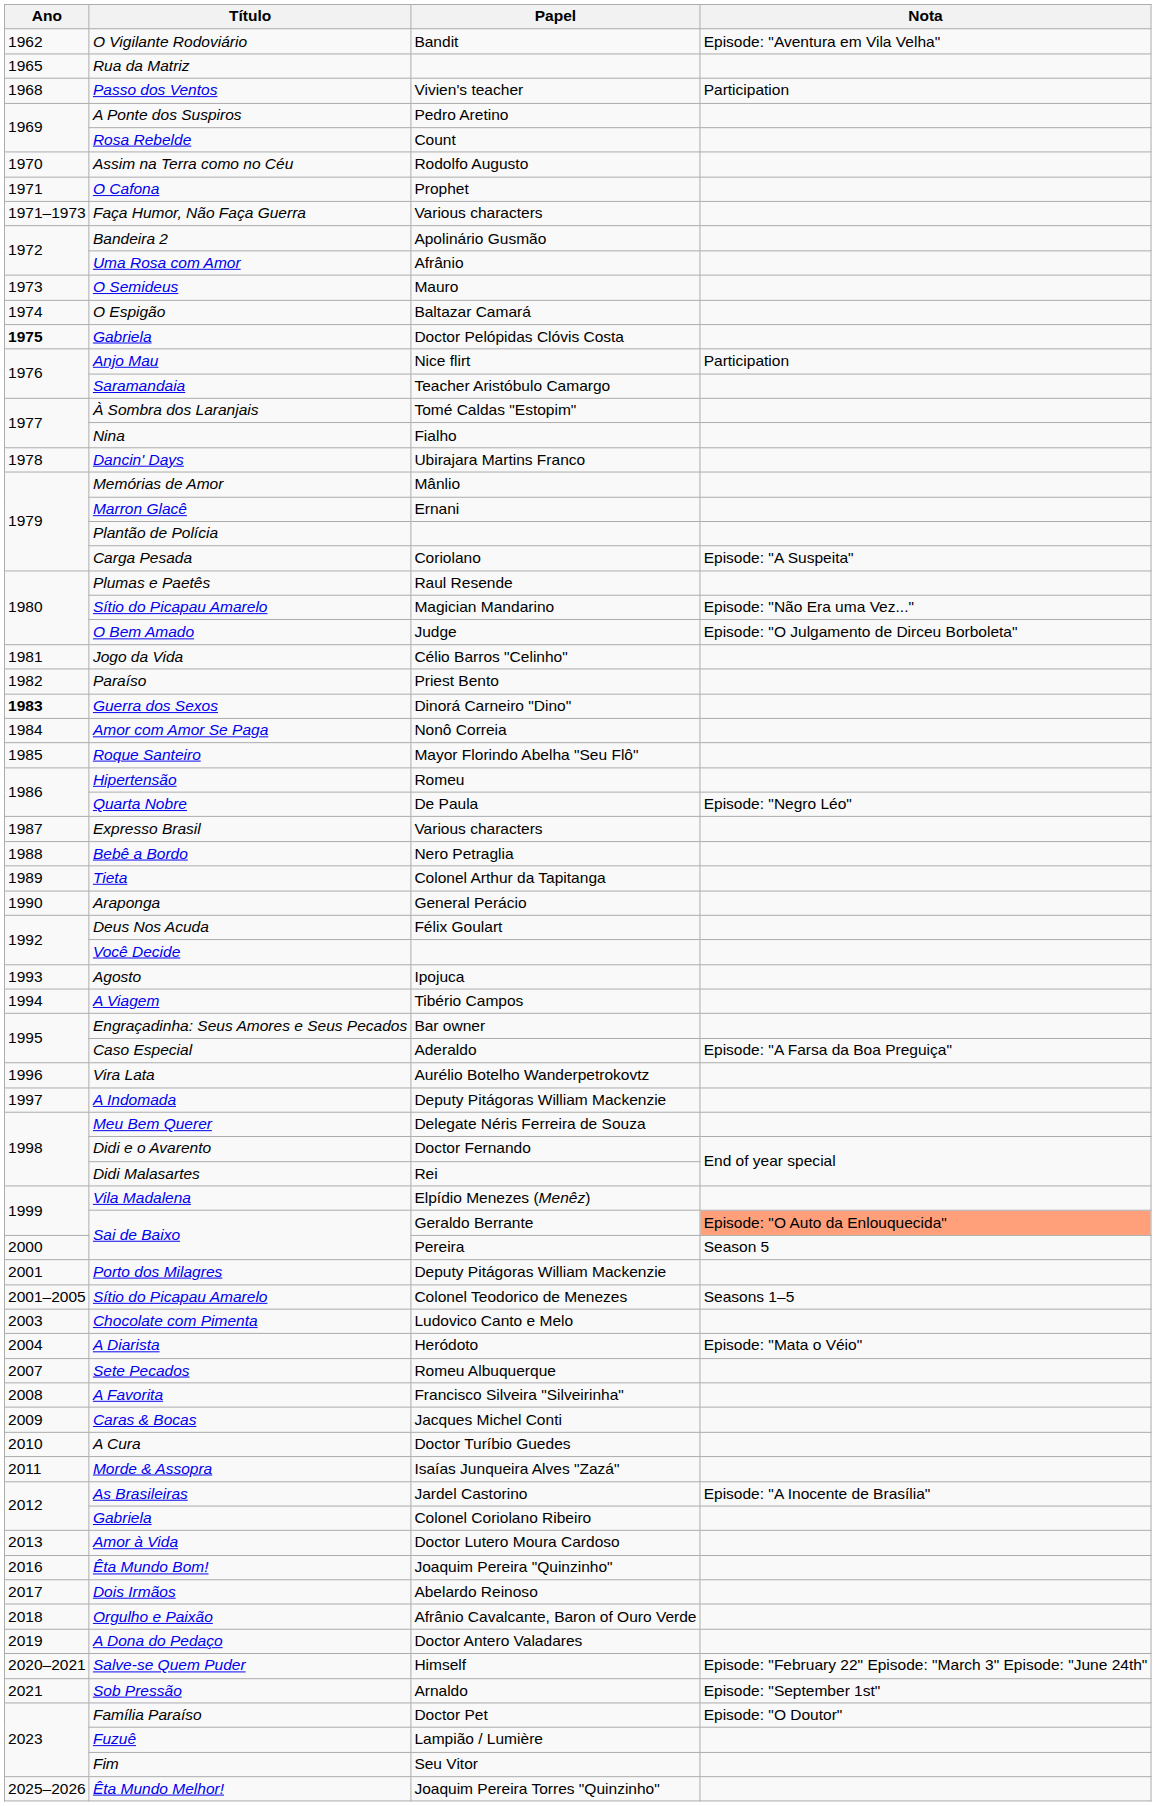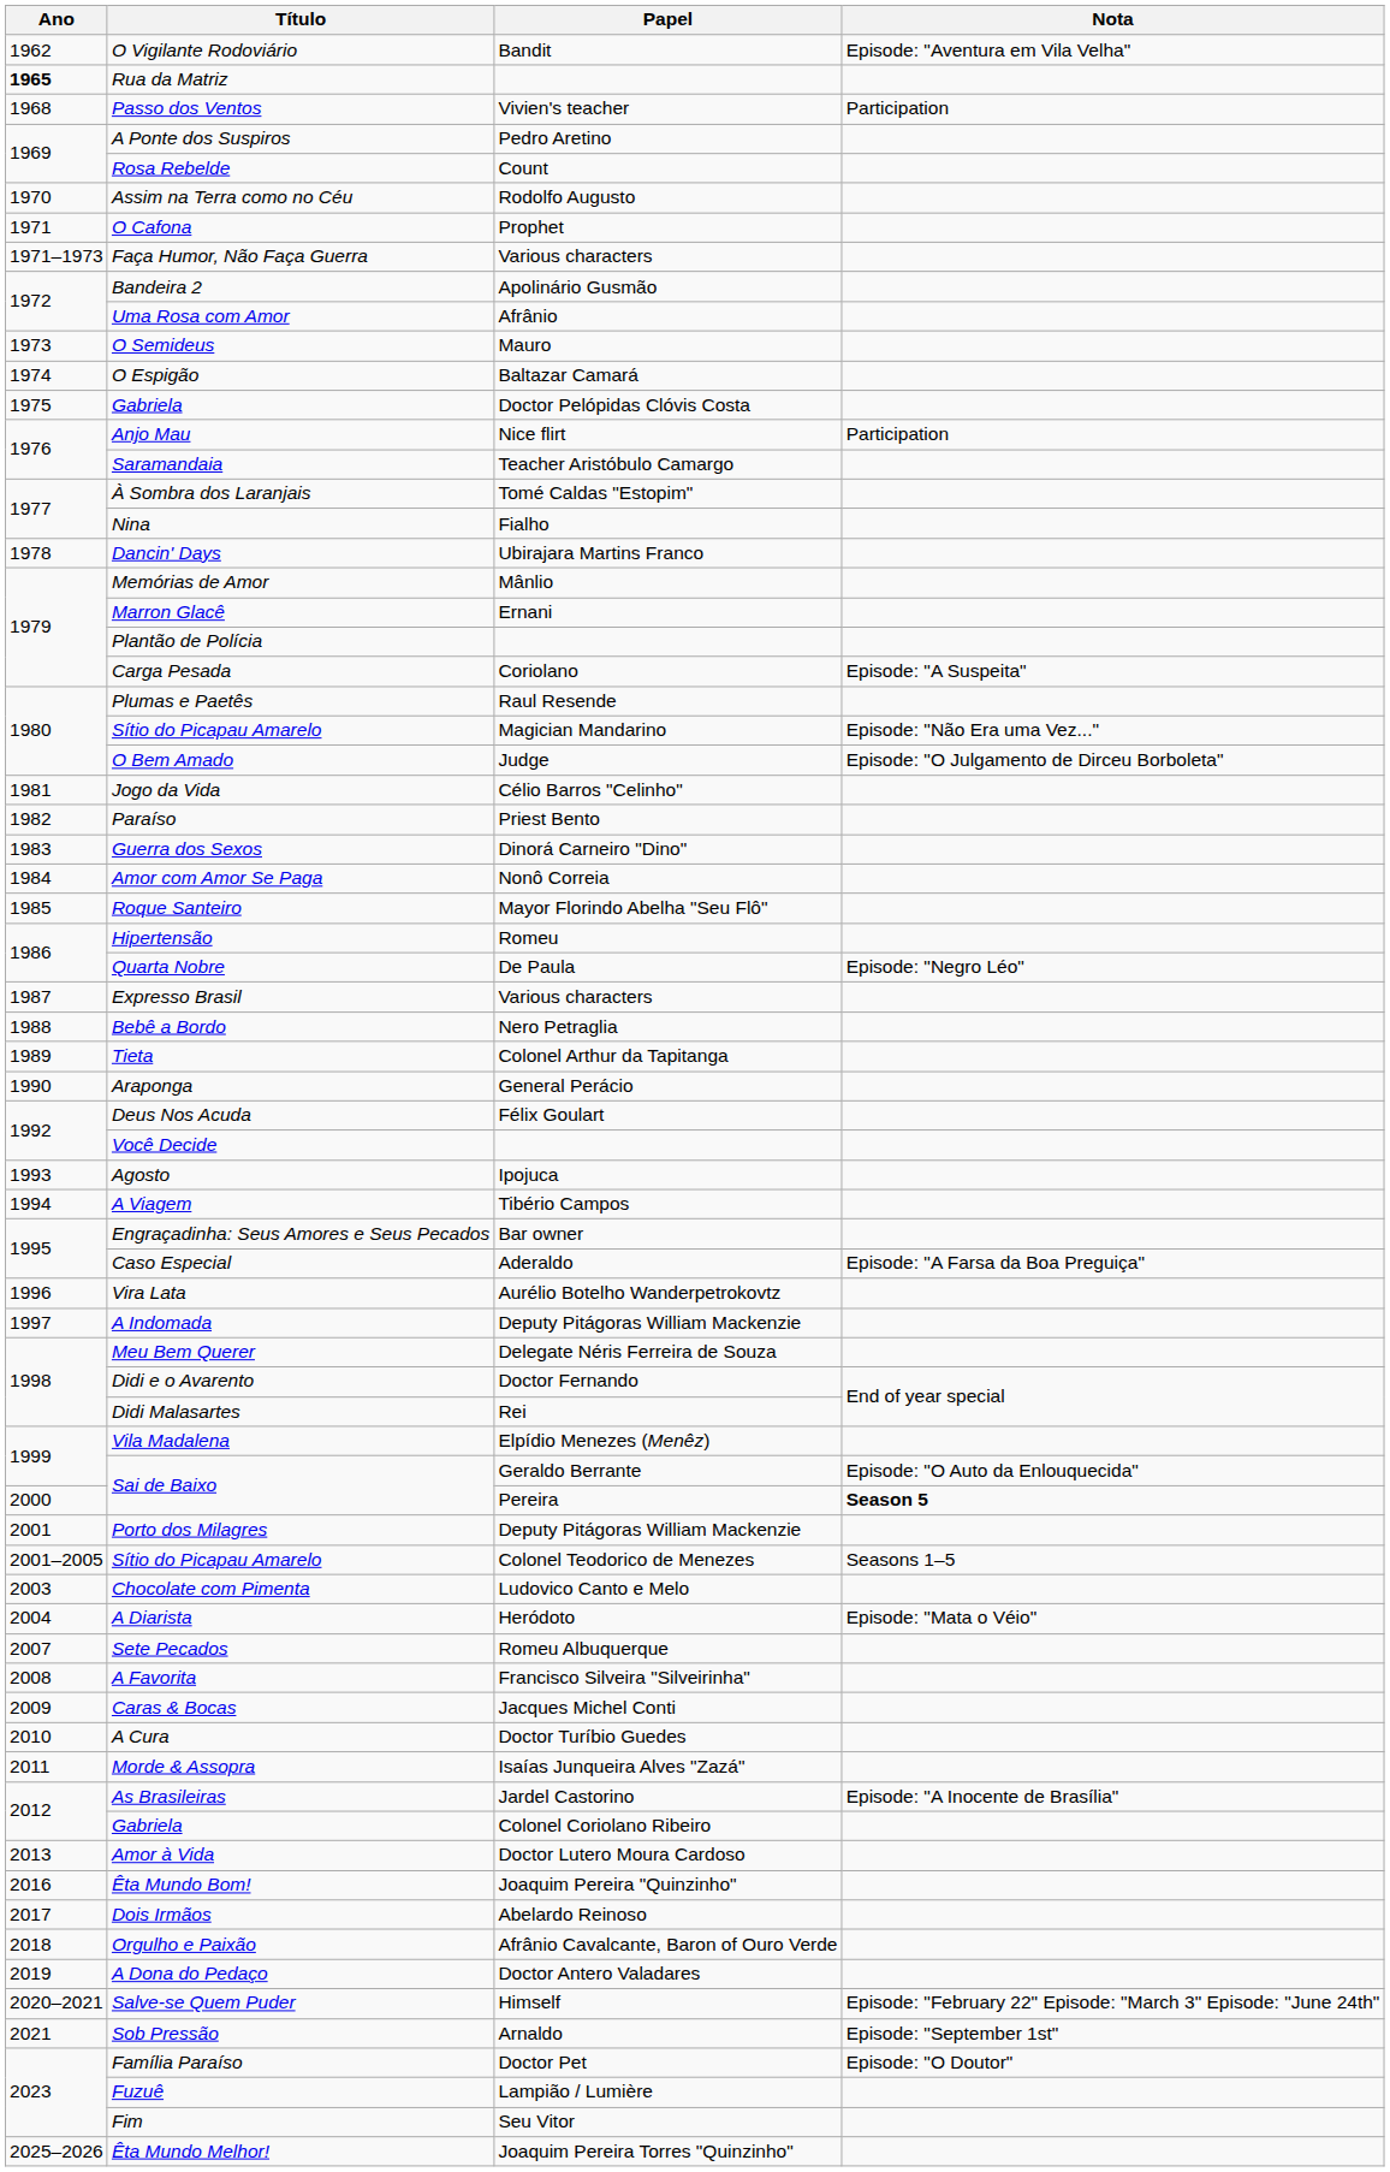 <table class="wikitable">
 <tr>
 <th>Ano</th>
 <th>Título</th>
 <th>Papel</th>
 <th>Nota</th>
 </tr>
 <tr>
 <td>1962</td>
 <td><em>O Vigilante Rodoviário</em></td>
 <td>Bandit</td>
 <td>Episode: "Aventura em Vila Velha"</td>
 </tr>
 <tr>
-<td>1965</td>
+<td><strong>1965</strong></td>
 <td><em>Rua da Matriz</em></td>
 <td></td>
 <td></td>
 </tr>
 <tr>
 <td>1968</td>
 <td><em><a href='#'>Passo dos Ventos</a></em></td>
 <td>Vivien's teacher</td>
 <td>Participation</td>
 </tr>
 <tr>
 <td rowspan="2">1969</td>
 <td><em>A Ponte dos Suspiros</em></td>
 <td>Pedro Aretino</td>
 <td></td>
 </tr>
 <tr>
 <td><em><a href='#'>Rosa Rebelde</a></em></td>
 <td>Count</td>
 <td></td>
 </tr>
 <tr>
 <td>1970</td>
 <td><em>Assim na Terra como no Céu</em></td>
 <td>Rodolfo Augusto</td>
 <td></td>
 </tr>
 <tr>
 <td>1971</td>
 <td><em><a href='#'>O Cafona</a></em></td>
 <td>Prophet</td>
 <td></td>
 </tr>
 <tr>
 <td>1971–1973</td>
 <td><em>Faça Humor, Não Faça Guerra</em></td>
 <td>Various characters</td>
 <td></td>
 </tr>
 <tr>
 <td rowspan="2">1972</td>
 <td><em>Bandeira 2</em></td>
 <td>Apolinário Gusmão</td>
 <td></td>
 </tr>
 <tr>
 <td><em><a href='#'>Uma Rosa com Amor</a></em></td>
 <td>Afrânio</td>
 <td></td>
 </tr>
 <tr>
 <td>1973</td>
 <td><em><a href='#'>O Semideus</a></em></td>
 <td>Mauro</td>
 <td></td>
 </tr>
 <tr>
 <td>1974</td>
 <td><em>O Espigão</em></td>
 <td>Baltazar Camará</td>
 <td></td>
 </tr>
 <tr>
-<td><strong>1975</strong></td>
+<td>1975</td>
 <td><em><a href='#'>Gabriela</a></em></td>
 <td>Doctor Pelópidas Clóvis Costa</td>
 <td></td>
 </tr>
 <tr>
 <td rowspan="2">1976</td>
 <td><em><a href='#'>Anjo Mau</a></em></td>
 <td>Nice flirt</td>
 <td>Participation</td>
 </tr>
 <tr>
 <td><em><a href='#'>Saramandaia</a></em></td>
 <td>Teacher Aristóbulo Camargo</td>
 <td></td>
 </tr>
 <tr>
 <td rowspan="2">1977</td>
 <td><em>À Sombra dos Laranjais</em></td>
 <td>Tomé Caldas "Estopim"</td>
 <td></td>
 </tr>
 <tr>
 <td><em>Nina</em></td>
 <td>Fialho</td>
 <td></td>
 </tr>
 <tr>
 <td>1978</td>
 <td><em><a href='#'>Dancin' Days</a></em></td>
 <td>Ubirajara Martins Franco</td>
 <td></td>
 </tr>
 <tr>
 <td rowspan="4">1979</td>
 <td><em>Memórias de Amor</em></td>
 <td>Mânlio</td>
 <td></td>
 </tr>
 <tr>
 <td><em><a href='#'>Marron Glacê</a></em></td>
 <td>Ernani</td>
 <td></td>
 </tr>
 <tr>
 <td><em>Plantão de Polícia</em></td>
 <td></td>
 <td></td>
 </tr>
 <tr>
 <td><em>Carga Pesada</em></td>
 <td>Coriolano</td>
 <td>Episode: "A Suspeita"</td>
 </tr>
 <tr>
 <td rowspan="3">1980</td>
 <td><em>Plumas e Paetês</em></td>
 <td>Raul Resende</td>
 <td></td>
 </tr>
 <tr>
 <td><em><a href='#'>Sítio do Picapau Amarelo</a></em></td>
 <td>Magician Mandarino</td>
 <td>Episode: "Não Era uma Vez..."</td>
 </tr>
 <tr>
 <td><em><a href='#'>O Bem Amado</a></em></td>
 <td>Judge</td>
 <td>Episode: "O Julgamento de Dirceu Borboleta"</td>
 </tr>
 <tr>
 <td>1981</td>
 <td><em>Jogo da Vida</em></td>
 <td>Célio Barros "Celinho"</td>
 <td></td>
 </tr>
 <tr>
 <td>1982</td>
 <td><em>Paraíso</em></td>
 <td>Priest Bento</td>
 <td></td>
 </tr>
 <tr>
-<td><strong>1983</strong></td>
+<td>1983</td>
 <td><em><a href='#'>Guerra dos Sexos</a></em></td>
 <td>Dinorá Carneiro "Dino"</td>
 <td></td>
 </tr>
 <tr>
 <td>1984</td>
 <td><em><a href='#'>Amor com Amor Se Paga</a></em></td>
 <td>Nonô Correia</td>
 <td></td>
 </tr>
 <tr>
 <td>1985</td>
 <td><em><a href='#'>Roque Santeiro</a></em></td>
 <td>Mayor Florindo Abelha "Seu Flô"</td>
 <td></td>
 </tr>
 <tr>
 <td rowspan="2">1986</td>
 <td><em><a href='#'>Hipertensão</a></em></td>
 <td>Romeu</td>
 <td></td>
 </tr>
 <tr>
 <td><em><a href='#'>Quarta Nobre</a></em></td>
 <td>De Paula</td>
 <td>Episode: "Negro Léo"</td>
 </tr>
 <tr>
 <td>1987</td>
 <td><em>Expresso Brasil</em></td>
 <td>Various characters</td>
 <td></td>
 </tr>
 <tr>
 <td>1988</td>
 <td><em><a href='#'>Bebê a Bordo</a></em></td>
 <td>Nero Petraglia</td>
 <td></td>
 </tr>
 <tr>
 <td>1989</td>
 <td><em><a href='#'>Tieta</a></em></td>
 <td>Colonel Arthur da Tapitanga</td>
 <td></td>
 </tr>
 <tr>
 <td>1990</td>
 <td><em>Araponga</em></td>
 <td>General Perácio</td>
 <td></td>
 </tr>
 <tr>
 <td rowspan="2">1992</td>
 <td><em>Deus Nos Acuda</em></td>
 <td>Félix Goulart</td>
 <td></td>
 </tr>
 <tr>
 <td><em><a href='#'>Você Decide</a></em></td>
 <td></td>
 <td></td>
 </tr>
 <tr>
 <td>1993</td>
 <td><em>Agosto</em></td>
 <td>Ipojuca</td>
 <td></td>
 </tr>
 <tr>
 <td>1994</td>
 <td><em><a href='#'>A Viagem</a></em></td>
 <td>Tibério Campos</td>
 <td></td>
 </tr>
 <tr>
 <td rowspan="2">1995</td>
 <td><em>Engraçadinha: Seus Amores e Seus Pecados</em></td>
 <td>Bar owner</td>
 <td></td>
 </tr>
 <tr>
 <td><em>Caso Especial</em></td>
 <td>Aderaldo</td>
 <td>Episode: "A Farsa da Boa Preguiça"</td>
 </tr>
 <tr>
 <td>1996</td>
 <td><em>Vira Lata</em></td>
 <td>Aurélio Botelho Wanderpetrokovtz</td>
 <td></td>
 </tr>
 <tr>
 <td>1997</td>
 <td><em><a href='#'>A Indomada</a></em></td>
 <td>Deputy Pitágoras William Mackenzie</td>
 <td></td>
 </tr>
 <tr>
 <td rowspan="3">1998</td>
 <td><em><a href='#'>Meu Bem Querer</a></em></td>
 <td>Delegate Néris Ferreira de Souza</td>
 <td></td>
 </tr>
 <tr>
 <td><em>Didi e o Avarento</em></td>
 <td>Doctor Fernando</td>
 <td rowspan="2">End of year special</td>
 </tr>
 <tr>
 <td><em>Didi Malasartes</em></td>
 <td>Rei</td>
 </tr>
 <tr>
 <td rowspan="2">1999</td>
 <td><em><a href='#'>Vila Madalena</a></em></td>
 <td>Elpídio Menezes (<em>Menêz</em>)</td>
 <td></td>
 </tr>
 <tr>
 <td rowspan="2"><em><a href='#'>Sai de Baixo</a></em></td>
 <td>Geraldo Berrante</td>
-<td style="background: lightsalmon;">Episode: "O Auto da Enlouquecida"</td>
+<td>Episode: "O Auto da Enlouquecida"</td>
 </tr>
 <tr>
 <td>2000</td>
 <td>Pereira</td>
-<td>Season 5</td>
+<td><strong>Season 5</strong></td>
 </tr>
 <tr>
 <td>2001</td>
 <td><em><a href='#'>Porto dos Milagres</a></em></td>
 <td>Deputy Pitágoras William Mackenzie</td>
 <td></td>
 </tr>
 <tr>
 <td>2001–2005</td>
 <td><em><a href='#'>Sítio do Picapau Amarelo</a></em></td>
 <td>Colonel Teodorico de Menezes</td>
 <td>Seasons 1–5</td>
 </tr>
 <tr>
 <td>2003</td>
 <td><em><a href='#'>Chocolate com Pimenta</a></em></td>
 <td>Ludovico Canto e Melo</td>
 <td></td>
 </tr>
 <tr>
 <td>2004</td>
 <td><em><a href='#'>A Diarista</a></em></td>
 <td>Heródoto</td>
 <td>Episode: "Mata o Véio"</td>
 </tr>
 <tr>
 <td>2007</td>
 <td><em><a href='#'>Sete Pecados</a></em></td>
 <td>Romeu Albuquerque</td>
 <td></td>
 </tr>
 <tr>
 <td>2008</td>
 <td><em><a href='#'>A Favorita</a></em></td>
 <td>Francisco Silveira "Silveirinha"</td>
 <td></td>
 </tr>
 <tr>
 <td>2009</td>
 <td><em><a href='#'>Caras & Bocas</a></em></td>
 <td>Jacques Michel Conti</td>
 <td></td>
 </tr>
 <tr>
 <td>2010</td>
 <td><em>A Cura</em></td>
 <td>Doctor Turíbio Guedes</td>
 <td></td>
 </tr>
 <tr>
 <td>2011</td>
 <td><em><a href='#'>Morde & Assopra</a></em></td>
 <td>Isaías Junqueira Alves "Zazá"</td>
 <td></td>
 </tr>
 <tr>
 <td rowspan="2">2012</td>
 <td><em><a href='#'>As Brasileiras</a></em></td>
 <td>Jardel Castorino</td>
 <td>Episode: "A Inocente de Brasília"</td>
 </tr>
 <tr>
 <td><em><a href='#'>Gabriela</a></em></td>
 <td>Colonel Coriolano Ribeiro</td>
 <td></td>
 </tr>
 <tr>
 <td>2013</td>
 <td><em><a href='#'>Amor à Vida</a></em></td>
 <td>Doctor Lutero Moura Cardoso</td>
 <td></td>
 </tr>
 <tr>
 <td>2016</td>
 <td><em><a href='#'>Êta Mundo Bom!</a></em></td>
 <td>Joaquim Pereira "Quinzinho"</td>
 <td></td>
 </tr>
 <tr>
 <td>2017</td>
 <td><em><a href='#'>Dois Irmãos</a></em></td>
 <td>Abelardo Reinoso</td>
 <td></td>
 </tr>
 <tr>
 <td>2018</td>
 <td><em><a href='#'>Orgulho e Paixão</a></em></td>
 <td>Afrânio Cavalcante, Baron of Ouro Verde</td>
 <td></td>
 </tr>
 <tr>
 <td>2019</td>
 <td><em><a href='#'>A Dona do Pedaço</a></em></td>
 <td>Doctor Antero Valadares</td>
 <td></td>
 </tr>
 <tr>
 <td>2020–2021</td>
 <td rowspan="1"><em><a href='#'>Salve-se Quem Puder</a></em></td>
 <td rowspan="1">Himself</td>
 <td>Episode: "February 22" Episode: "March 3" Episode: "June 24th"</td>
 </tr>
 <tr>
 <td>2021</td>
 <td><em><a href='#'>Sob Pressão</a></em></td>
 <td>Arnaldo</td>
 <td>Episode: "September 1st"</td>
 </tr>
 <tr>
 <td rowspan="3">2023</td>
 <td><em>Família Paraíso</em></td>
 <td>Doctor Pet</td>
 <td>Episode: "O Doutor"</td>
 </tr>
 <tr>
 <td><em><a href='#'>Fuzuê</a></em></td>
 <td>Lampião / Lumière</td>
 <td></td>
 </tr>
 <tr>
 <td><em>Fim</em></td>
 <td>Seu Vitor</td>
 <td></td>
 </tr>
 <tr>
 <td>2025–2026</td>
 <td><em><a href='#'>Êta Mundo Melhor!</a></em></td>
 <td>Joaquim Pereira Torres "Quinzinho"</td>
 <td></td>
 </tr>
 </table>
